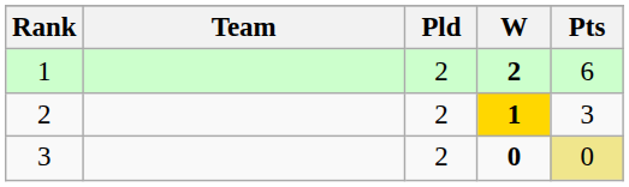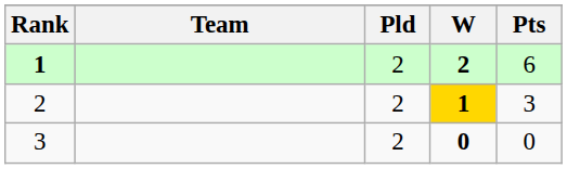 <table class="wikitable">
 <tr>
 </tr>
 <tr>
 <th style="width:35px">Rank</th>
 <th style="width:180px">Team</th>
 <th style="width:35px">Pld</th>
 <th style="width:35px">W</th>
 <th style="width:35px">Pts</th>
 </tr>
 <tr bgcolor=#ccffcc>
-<td align=center>1</td>
+<td align=center><strong>1</strong></td>
 <td></td>
 <td align=center>2</td>
 <td align=center><strong>2</strong></td>
 <td align=center>6</td>
 </tr>
 <tr>
 <td align=center>2</td>
 <td></td>
 <td align=center>2</td>
 <td align=center style="background: gold;"><strong>1</strong></td>
 <td align=center>3</td>
 </tr>
 <tr>
 <td align=center>3</td>
 <td></td>
 <td align=center>2</td>
 <td align=center><strong>0</strong></td>
-<td align=center style="background: khaki;">0</td>
+<td align=center>0</td>
 </tr>
 </table>
